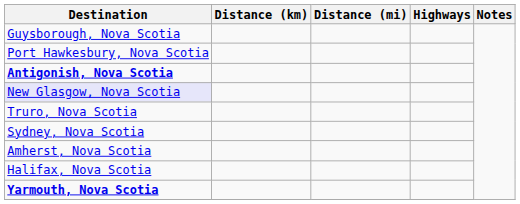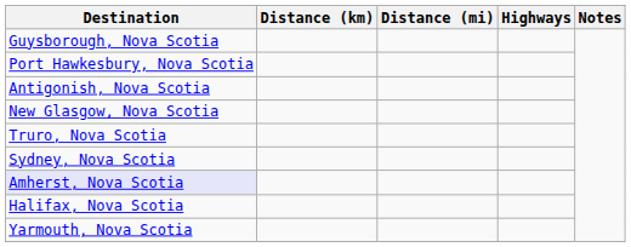 <table class="wikitable collapsible autocollapse">
 <tr>
 <th>Destination</th>
 <th>Distance (km)</th>
 <th>Distance (mi)</th>
 <th>Highways</th>
 <th>Notes</th>
 </tr>
 <tr>
 <td><a href='#'>Guysborough, Nova Scotia</a></td>
 <td></td>
 <td></td>
 <td></td>
 </tr>
 <tr>
 <td><a href='#'>Port Hawkesbury, Nova Scotia</a></td>
 <td></td>
 <td></td>
 <td></td>
 </tr>
 <tr>
-<td><strong><a href='#'>Antigonish, Nova Scotia</a></strong></td>
+<td><a href='#'>Antigonish, Nova Scotia</a></td>
 <td></td>
 <td></td>
 <td></td>
 </tr>
 <tr>
-<td style="background: lavender;"><a href='#'>New Glasgow, Nova Scotia</a></td>
+<td><a href='#'>New Glasgow, Nova Scotia</a></td>
 <td></td>
 <td></td>
 <td></td>
 </tr>
 <tr>
 <td><a href='#'>Truro, Nova Scotia</a></td>
 <td></td>
 <td></td>
 <td></td>
 </tr>
 <tr>
 <td><a href='#'>Sydney, Nova Scotia</a></td>
 <td></td>
 <td></td>
 <td></td>
 </tr>
 <tr>
-<td><a href='#'>Amherst, Nova Scotia</a></td>
+<td style="background: lavender;"><a href='#'>Amherst, Nova Scotia</a></td>
 <td></td>
 <td></td>
 <td></td>
 </tr>
 <tr>
 <td><a href='#'>Halifax, Nova Scotia</a></td>
 <td></td>
 <td></td>
 <td></td>
 </tr>
 <tr>
-<td><strong><a href='#'>Yarmouth, Nova Scotia</a></strong></td>
+<td><a href='#'>Yarmouth, Nova Scotia</a></td>
 <td></td>
 <td></td>
 <td></td>
 </tr>
 <tr>
 </tr>
 </table>
